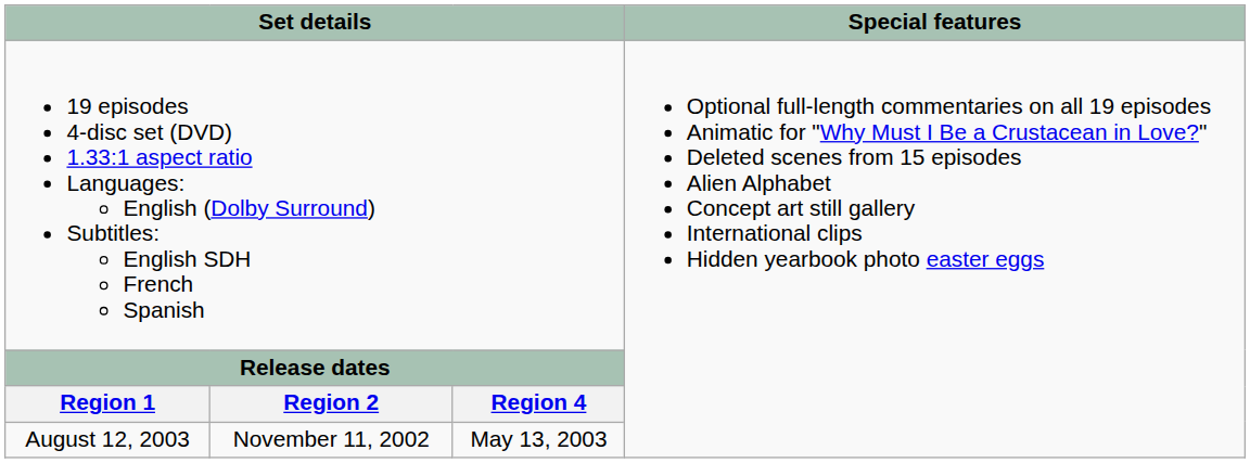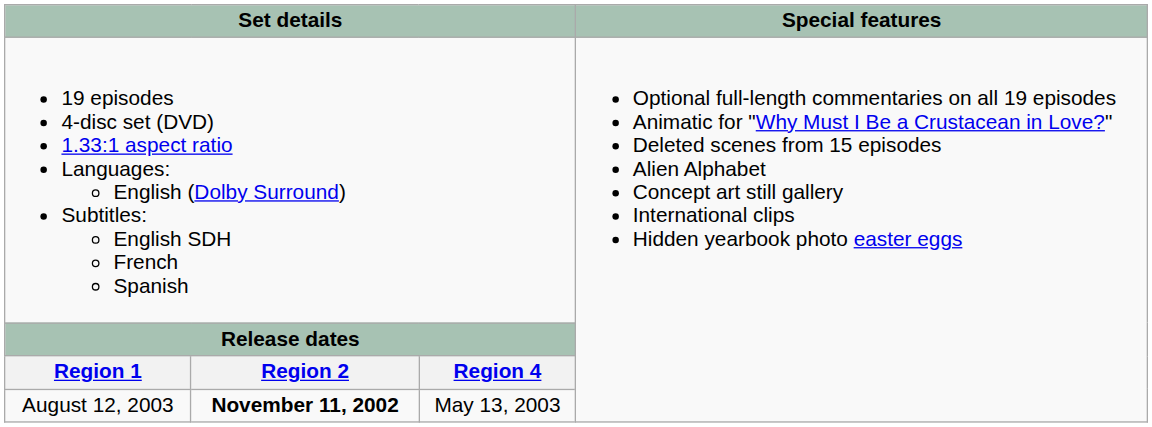 <table class="wikitable" style="width:55em;">
 <tr>
 <th style="background-color:#a7c2b3;" scope="col" colspan="3" width="50%">Set details</th>
 <th style="background-color:#a7c2b3;" scope="col" width="50%">Special features</th>
 </tr>
 <tr>
 <td valign="top" colspan="3" scope="row"><br><ul><li>19 episodes</li><li>4-disc set (DVD)</li><li><a href='#'>1.33:1 aspect ratio</a></li><li>Languages:<ul><li>English (<a href='#'>Dolby Surround</a>)</li></ul></li><li>Subtitles:<ul><li>English SDH</li><li>French</li><li>Spanish</li></ul></li></ul></td>
 <td valign="top" rowspan="4" scope="row"><br><ul><li>Optional full-length commentaries on all 19 episodes</li><li>Animatic for "<a href='#'>Why Must I Be a Crustacean in Love?</a>"</li><li>Deleted scenes from 15 episodes</li><li>Alien Alphabet</li><li>Concept art still gallery</li><li>International clips</li><li>Hidden yearbook photo <a href='#'>easter eggs</a></li></ul></td>
 </tr>
 <tr>
 <th style="background-color:#a7c2b3;" scope="col" colspan="3">Release dates</th>
 </tr>
 <tr>
 <th scope="col"><a href='#'>Region 1</a></th>
 <th scope="col"><a href='#'>Region 2</a></th>
 <th scope="col"><a href='#'>Region 4</a></th>
 </tr>
 <tr>
 <td scope="row" align="center">August 12, 2003</td>
-<td scope="row" align="center">November 11, 2002</td>
+<td scope="row" align="center"><strong>November 11, 2002</strong></td>
 <td scope="row" align="center">May 13, 2003</td>
 </tr>
 </table>
